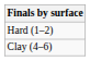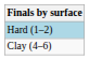 <table class=wikitable style="font-size:90%">
 <tr>
 <th>Finals by surface</th>
 </tr>
 <tr>
-<td>Hard (1–2)</td>
+<td style="background: lightblue;">Hard (1–2)</td>
 </tr>
 <tr>
 <td>Clay (4–6)</td>
 </tr>
 </table>
